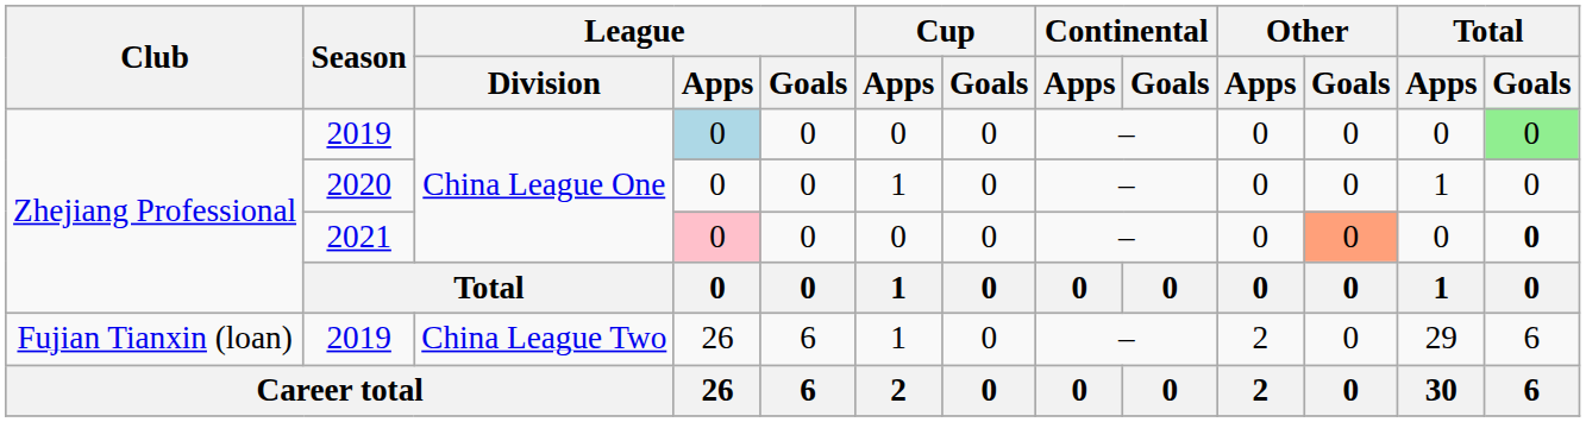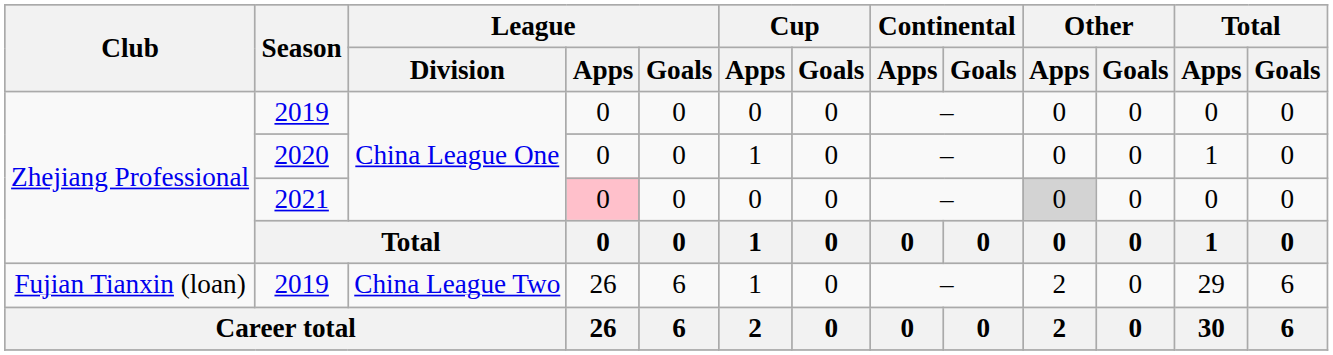 <table class="wikitable" style="text-align: center">
 <tr>
 <th rowspan="2">Club</th>
 <th rowspan="2">Season</th>
 <th colspan="3">League</th>
 <th colspan="2">Cup</th>
 <th colspan="2">Continental</th>
 <th colspan="2">Other</th>
 <th colspan="2">Total</th>
 </tr>
 <tr>
 <th>Division</th>
 <th>Apps</th>
 <th>Goals</th>
 <th>Apps</th>
 <th>Goals</th>
 <th>Apps</th>
 <th>Goals</th>
 <th>Apps</th>
 <th>Goals</th>
 <th>Apps</th>
 <th>Goals</th>
 </tr>
 <tr>
 <td rowspan="4"><a href='#'>Zhejiang Professional</a></td>
 <td><a href='#'>2019</a></td>
 <td rowspan="3"><a href='#'>China League One</a></td>
-<td style="background: lightblue;">0</td>
+<td>0</td>
 <td>0</td>
 <td>0</td>
 <td>0</td>
 <td colspan="2">–</td>
 <td>0</td>
 <td>0</td>
 <td>0</td>
-<td style="background: lightgreen;">0</td>
+<td>0</td>
 </tr>
 <tr>
 <td><a href='#'>2020</a></td>
 <td>0</td>
 <td>0</td>
 <td>1</td>
 <td>0</td>
 <td colspan="2">–</td>
 <td>0</td>
 <td>0</td>
 <td>1</td>
 <td>0</td>
 </tr>
 <tr>
 <td><a href='#'>2021</a></td>
 <td style="background: pink;">0</td>
 <td>0</td>
 <td>0</td>
 <td>0</td>
 <td colspan="2">–</td>
+<td style="background: lightgrey;">0</td>
 <td>0</td>
-<td style="background: lightsalmon;">0</td>
 <td>0</td>
-<td><strong>0</strong></td>
+<td>0</td>
 </tr>
 <tr>
 <th colspan=2>Total</th>
 <th>0</th>
 <th>0</th>
 <th>1</th>
 <th>0</th>
 <th>0</th>
 <th>0</th>
 <th>0</th>
 <th>0</th>
 <th>1</th>
 <th>0</th>
 </tr>
 <tr>
 <td><a href='#'>Fujian Tianxin</a> (loan)</td>
 <td><a href='#'>2019</a></td>
 <td><a href='#'>China League Two</a></td>
 <td>26</td>
 <td>6</td>
 <td>1</td>
 <td>0</td>
 <td colspan="2">–</td>
 <td>2</td>
 <td>0</td>
 <td>29</td>
 <td>6</td>
 </tr>
 <tr>
 <th colspan=3>Career total</th>
 <th>26</th>
 <th>6</th>
 <th>2</th>
 <th>0</th>
 <th>0</th>
 <th>0</th>
 <th>2</th>
 <th>0</th>
 <th>30</th>
 <th>6</th>
 </tr>
 </table>
